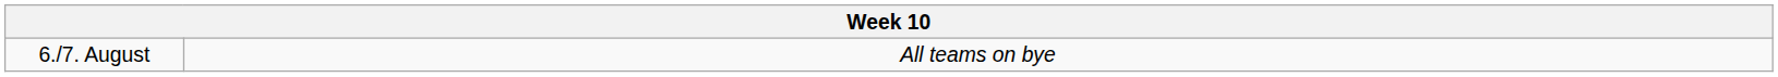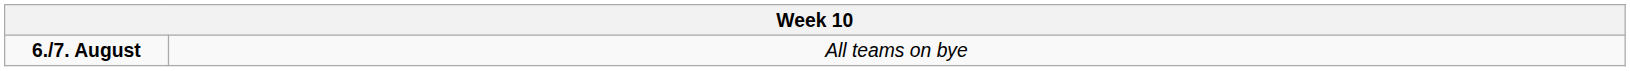 <table class="mw-collapsible wikitable" style="font-size:95%; text-align:center; width:84em">
 <tr>
 <th colspan="10">Week 10</th>
 </tr>
 <tr>
-<td style="width:8em">6./7. August</td>
+<td style="width:8em"><strong>6./7. August</strong></td>
 <td colspan="9"><em>All teams on bye</em></td>
 </tr>
 </table>
